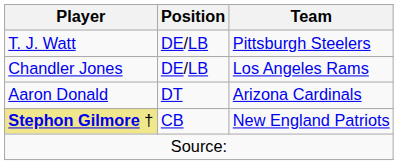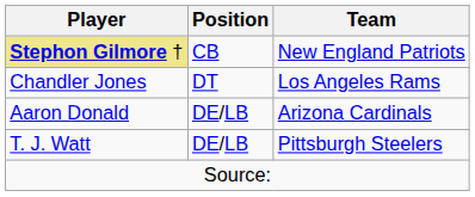 <table class="wikitable sortable">
 <tr>
 <th>Player</th>
 <th>Position</th>
 <th>Team</th>
 </tr>
 <tr>
+<td style="background-color:Khaki; border:1px solid #aaaaaa"><strong><a href='#'>Stephon Gilmore</a></strong> †</td>
+<td><a href='#'>CB</a></td>
+<td><a href='#'>New England Patriots</a></td>
+</tr>
+<tr>
+<td><a href='#'>Chandler Jones</a></td>
+<td><a href='#'>DT</a></td>
+<td><a href='#'>Los Angeles Rams</a></td>
+</tr>
+<tr>
+<td><a href='#'>Aaron Donald</a></td>
+<td><a href='#'>DE</a>/<a href='#'>LB</a></td>
+<td><a href='#'>Arizona Cardinals</a></td>
+</tr>
+<tr>
 <td><a href='#'>T. J. Watt</a></td>
 <td><a href='#'>DE</a>/<a href='#'>LB</a></td>
 <td><a href='#'>Pittsburgh Steelers</a></td>
 </tr>
 <tr>
-<td><a href='#'>Chandler Jones</a></td>
-<td><a href='#'>DE</a>/<a href='#'>LB</a></td>
-<td><a href='#'>Los Angeles Rams</a></td>
-</tr>
-<tr>
-<td><a href='#'>Aaron Donald</a></td>
-<td><a href='#'>DT</a></td>
-<td><a href='#'>Arizona Cardinals</a></td>
-</tr>
-<tr>
-<td style="background-color:Khaki; border:1px solid #aaaaaa"><strong><a href='#'>Stephon Gilmore</a></strong> †</td>
-<td><a href='#'>CB</a></td>
-<td><a href='#'>New England Patriots</a></td>
-</tr>
-<tr>
 <td colspan="3" style="text-align:center;">Source:</td>
 </tr>
 </table>
